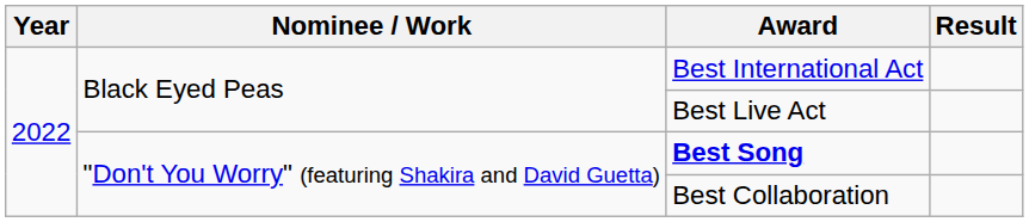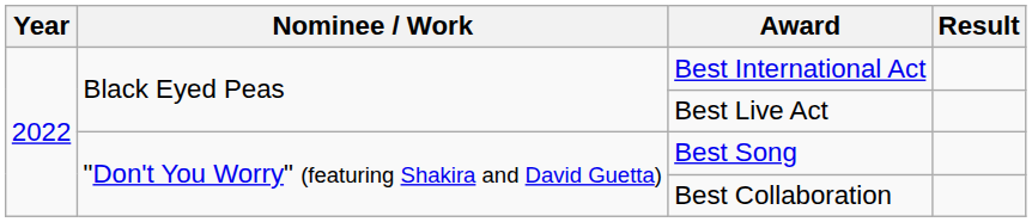 <table class="wikitable">
 <tr>
 <th>Year</th>
 <th>Nominee / Work</th>
 <th>Award</th>
 <th>Result</th>
 </tr>
 <tr>
 <td rowspan="4"><a href='#'>2022</a></td>
 <td rowspan="2">Black Eyed Peas</td>
 <td><a href='#'>Best International Act</a></td>
 <td></td>
 </tr>
 <tr>
 <td>Best Live Act</td>
 <td></td>
 </tr>
 <tr>
 <td rowspan="2">"<a href='#'>Don't You Worry</a>" <small>(featuring <a href='#'>Shakira</a> and <a href='#'>David Guetta</a>)</small></td>
-<td><strong><a href='#'>Best Song</a></strong></td>
+<td><a href='#'>Best Song</a></td>
 <td></td>
 </tr>
 <tr>
 <td>Best Collaboration</td>
 <td></td>
 </tr>
 </table>
